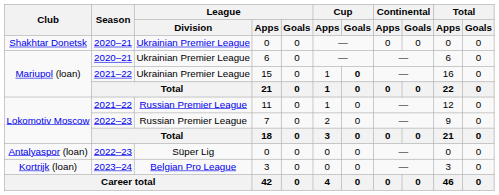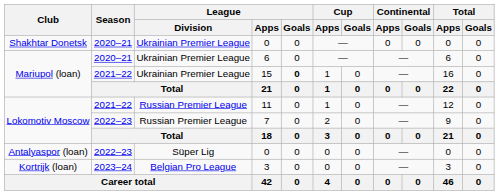 <table class="wikitable" style="text-align: center;">
 <tr>
 <th rowspan="2">Club</th>
 <th rowspan="2">Season</th>
 <th colspan="3">League</th>
 <th colspan="2">Cup</th>
 <th colspan="2">Continental</th>
 <th colspan="2">Total</th>
 </tr>
 <tr>
 <th>Division</th>
 <th>Apps</th>
 <th>Goals</th>
 <th>Apps</th>
 <th>Goals</th>
 <th>Apps</th>
 <th>Goals</th>
 <th>Apps</th>
 <th>Goals</th>
 </tr>
 <tr>
 <td><a href='#'>Shakhtar Donetsk</a></td>
 <td><a href='#'>2020–21</a></td>
 <td><a href='#'>Ukrainian Premier League</a></td>
 <td>0</td>
 <td>0</td>
 <td colspan="2">—</td>
 <td>0</td>
 <td>0</td>
 <td>0</td>
 <td>0</td>
 </tr>
 <tr>
 <td rowspan="3"><a href='#'>Mariupol</a> (loan)</td>
 <td><a href='#'>2020–21</a></td>
 <td>Ukrainian Premier League</td>
 <td>6</td>
 <td>0</td>
 <td colspan="2">—</td>
 <td colspan="2">—</td>
 <td>6</td>
 <td>0</td>
 </tr>
 <tr>
 <td><a href='#'>2021–22</a></td>
 <td>Ukrainian Premier League</td>
 <td>15</td>
+<td><strong>0</strong></td>
+<td>1</td>
 <td>0</td>
-<td>1</td>
-<td><strong>0</strong></td>
 <td colspan="2">—</td>
 <td>16</td>
 <td>0</td>
 </tr>
 <tr>
 <th colspan="2">Total</th>
 <th>21</th>
 <th>0</th>
 <th>1</th>
 <th>0</th>
 <th>0</th>
 <th>0</th>
 <th>22</th>
 <th>0</th>
 </tr>
 <tr>
 <td rowspan="3"><a href='#'>Lokomotiv Moscow</a></td>
 <td><a href='#'>2021–22</a></td>
 <td><a href='#'>Russian Premier League</a></td>
 <td>11</td>
 <td>0</td>
 <td>1</td>
 <td>0</td>
 <td colspan="2">—</td>
 <td>12</td>
 <td>0</td>
 </tr>
 <tr>
 <td><a href='#'>2022–23</a></td>
 <td>Russian Premier League</td>
 <td>7</td>
 <td>0</td>
 <td>2</td>
 <td>0</td>
 <td colspan="2">—</td>
 <td>9</td>
 <td>0</td>
 </tr>
 <tr>
 <th colspan="2">Total</th>
 <th>18</th>
 <th>0</th>
 <th>3</th>
 <th>0</th>
 <th>0</th>
 <th>0</th>
 <th>21</th>
 <th>0</th>
 </tr>
 <tr>
 <td><a href='#'>Antalyaspor</a> (loan)</td>
 <td><a href='#'>2022–23</a></td>
 <td>Süper Lig</td>
 <td>0</td>
 <td>0</td>
 <td>0</td>
 <td>0</td>
 <td colspan="2">—</td>
 <td>0</td>
 <td>0</td>
 </tr>
 <tr>
 <td><a href='#'>Kortrijk</a> (loan)</td>
 <td><a href='#'>2023–24</a></td>
 <td><a href='#'>Belgian Pro League</a></td>
 <td>3</td>
 <td>0</td>
 <td>0</td>
 <td>0</td>
 <td colspan="2">—</td>
 <td>3</td>
 <td>0</td>
 </tr>
 <tr>
 <th colspan="3">Career total</th>
 <th>42</th>
 <th>0</th>
 <th>4</th>
 <th>0</th>
 <th>0</th>
 <th>0</th>
 <th>46</th>
 <th>0</th>
 </tr>
 </table>
